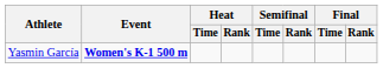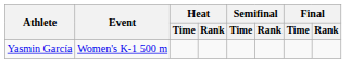 <table class=wikitable style=font-size:90%;text-align:center>
 <tr>
 <th rowspan=2>Athlete</th>
 <th rowspan=2>Event</th>
 <th colspan=2>Heat</th>
 <th colspan=2>Semifinal</th>
 <th colspan=2>Final</th>
 </tr>
 <tr style=font-size:95%>
 <th>Time</th>
 <th>Rank</th>
 <th>Time</th>
 <th>Rank</th>
 <th>Time</th>
 <th>Rank</th>
 </tr>
 <tr>
 <td align=left><a href='#'>Yasmin García</a></td>
-<td align=left><strong><a href='#'>Women's K-1 500 m</a></strong></td>
+<td align=left><a href='#'>Women's K-1 500 m</a></td>
 <td></td>
 <td></td>
 <td></td>
 <td></td>
 <td></td>
 <td></td>
 </tr>
 </table>
